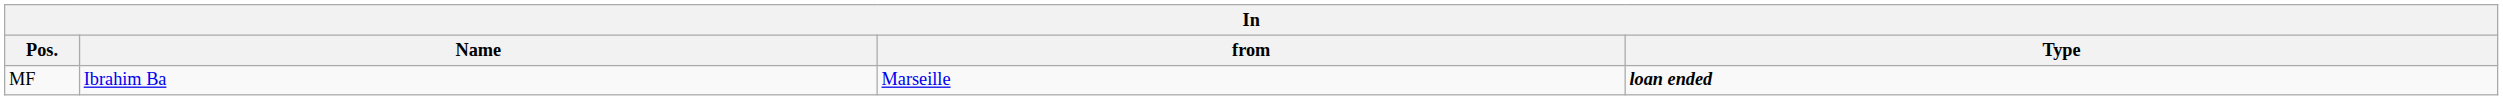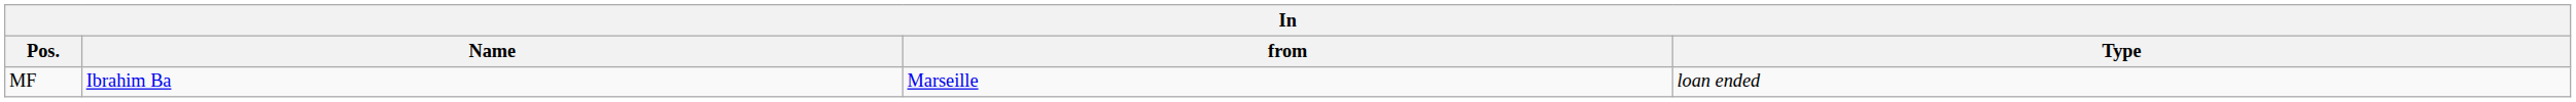 <table class="wikitable" style="font-size:90%;width:99%;">
 <tr>
 <th colspan="4">In</th>
 </tr>
 <tr>
 <th width=3%>Pos.</th>
 <th width=32%>Name</th>
 <th width=30%>from</th>
 <th width=35%>Type</th>
 </tr>
 <tr>
 <td>MF</td>
 <td><a href='#'>Ibrahim Ba</a></td>
 <td><a href='#'>Marseille</a></td>
-<td><strong><em>loan ended</em></strong></td>
+<td><em>loan ended</em></td>
 </tr>
 </table>
